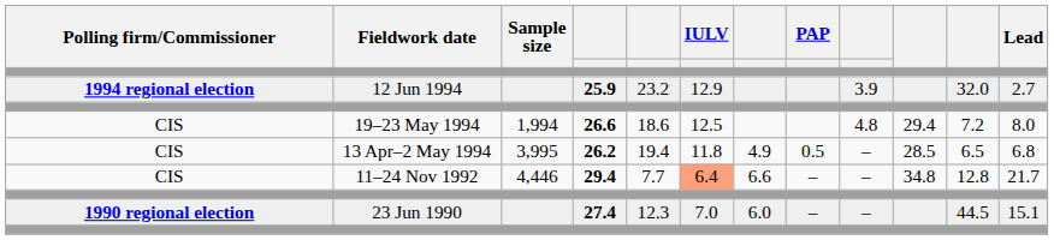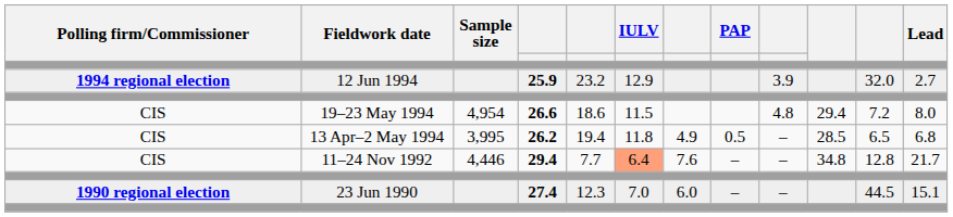 <table class="wikitable collapsible collapsed" style="text-align:center; font-size:90%; line-height:14px;">
 <tr style="height:42px;">
 <th style="width:250px;" rowspan="2">Polling firm/Commissioner</th>
 <th style="width:125px;" rowspan="2">Fieldwork date</th>
 <th style="width:50px;" rowspan="2">Sample size</th>
 <th style="width:35px;"></th>
 <th style="width:35px;"></th>
 <th style="width:35px;"><a href='#'>IULV</a></th>
 <th style="width:35px;"></th>
 <th style="width:35px;"><a href='#'>PAP</a></th>
 <th style="width:35px;"></th>
 <th style="width:35px;" rowspan="2"></th>
 <th style="width:35px;" rowspan="2"></th>
 <th style="width:30px;" rowspan="2">Lead</th>
 </tr>
 <tr>
 <th style="color:inherit;background:"></th>
 <th style="color:inherit;background:"></th>
 <th style="color:inherit;background:"></th>
 <th style="color:inherit;background:"></th>
 <th style="color:inherit;background:"></th>
 <th style="color:inherit;background:"></th>
 </tr>
 <tr>
 <td colspan="12" style="background:#A0A0A0"></td>
 </tr>
 <tr style="background:#EFEFEF;">
 <td><strong><a href='#'>1994 regional election</a></strong></td>
 <td>12 Jun 1994</td>
 <td></td>
 <td><strong>25.9</strong></td>
 <td>23.2</td>
 <td>12.9</td>
 <td></td>
 <td></td>
 <td>3.9</td>
 <td></td>
 <td>32.0</td>
 <td style="background:">2.7</td>
 </tr>
 <tr>
 <td colspan="12" style="background:#A0A0A0"></td>
 </tr>
 <tr>
 <td>CIS</td>
 <td>19–23 May 1994</td>
-<td>1,994</td>
+<td>4,954</td>
 <td><strong>26.6</strong></td>
 <td>18.6</td>
-<td>12.5</td>
+<td>11.5</td>
 <td></td>
 <td></td>
 <td>4.8</td>
 <td>29.4</td>
 <td>7.2</td>
 <td style="background:">8.0</td>
 </tr>
 <tr>
 <td>CIS</td>
 <td>13 Apr–2 May 1994</td>
 <td>3,995</td>
 <td><strong>26.2</strong></td>
 <td>19.4</td>
 <td>11.8</td>
 <td>4.9</td>
 <td>0.5</td>
 <td>–</td>
 <td>28.5</td>
 <td>6.5</td>
 <td style="background:">6.8</td>
 </tr>
 <tr>
 <td>CIS</td>
 <td>11–24 Nov 1992</td>
 <td>4,446</td>
 <td><strong>29.4</strong></td>
 <td>7.7</td>
 <td style="background: lightsalmon;">6.4</td>
-<td>6.6</td>
+<td>7.6</td>
 <td>–</td>
 <td>–</td>
 <td>34.8</td>
 <td>12.8</td>
 <td style="background:">21.7</td>
 </tr>
 <tr>
 <td colspan="12" style="background:#A0A0A0"></td>
 </tr>
 <tr style="background:#EFEFEF;">
 <td><strong><a href='#'>1990 regional election</a></strong></td>
 <td>23 Jun 1990</td>
 <td></td>
 <td><strong>27.4</strong></td>
 <td>12.3</td>
 <td>7.0</td>
 <td>6.0</td>
 <td>–</td>
 <td>–</td>
 <td></td>
 <td>44.5</td>
 <td style="background:">15.1</td>
 </tr>
 <tr>
 <td colspan="12" style="background:#A0A0A0"></td>
 </tr>
 </table>
